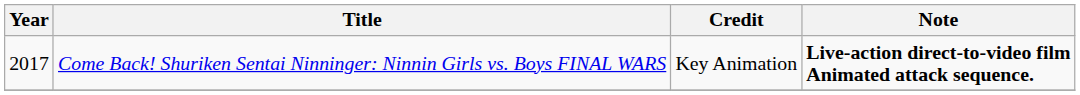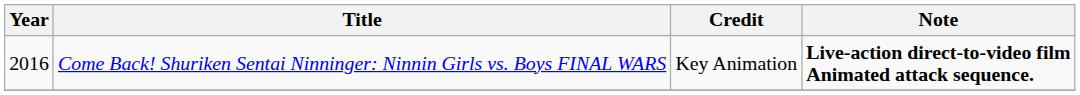 <table class="wikitable">
 <tr>
 <th>Year</th>
 <th>Title</th>
 <th>Credit</th>
 <th>Note</th>
 </tr>
 <tr>
-<td>2017</td>
+<td>2016</td>
 <td><em><a href='#'>Come Back! Shuriken Sentai Ninninger: Ninnin Girls vs. Boys FINAL WARS</a></em></td>
 <td>Key Animation</td>
 <td><strong>Live-action direct-to-video film<br>Animated attack sequence.</strong></td>
 </tr>
 <tr>
 </tr>
 </table>
